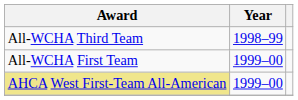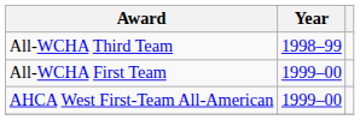 <table class="wikitable">
 <tr>
 <th>Award</th>
 <th>Year</th>
 <th></th>
 </tr>
 <tr>
 <td>All-<a href='#'>WCHA</a> <a href='#'>Third Team</a></td>
 <td><a href='#'>1998–99</a></td>
 <td></td>
 </tr>
 <tr>
 <td>All-<a href='#'>WCHA</a> <a href='#'>First Team</a></td>
 <td><a href='#'>1999–00</a></td>
 <td></td>
 </tr>
 <tr>
-<td style="background: khaki;"><a href='#'>AHCA</a> <a href='#'>West First-Team All-American</a></td>
+<td><a href='#'>AHCA</a> <a href='#'>West First-Team All-American</a></td>
 <td><a href='#'>1999–00</a></td>
 <td></td>
 </tr>
 <tr>
 </tr>
 </table>
